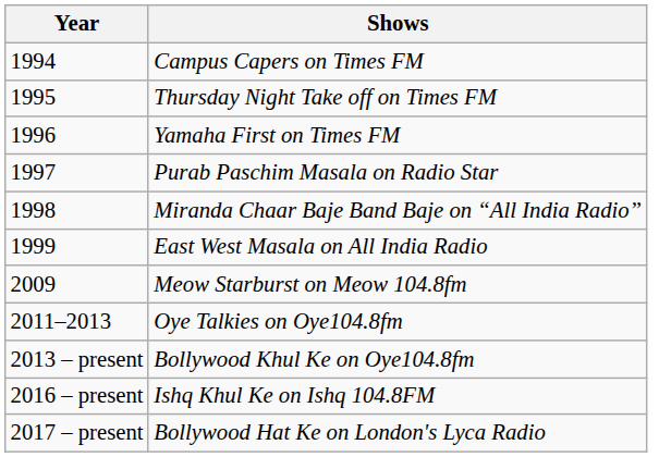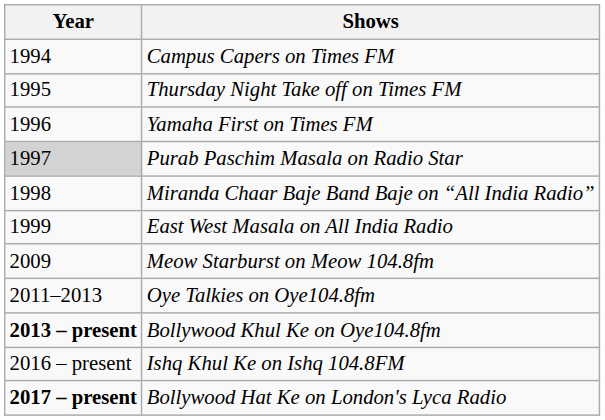 <table class="wikitable" style="font-size: 90%;">
 <tr>
 <th>Year</th>
 <th>Shows</th>
 </tr>
 <tr>
 <td>1994</td>
 <td><em>Campus Capers on Times FM</em></td>
 </tr>
 <tr>
 <td>1995</td>
 <td><em>Thursday Night Take off on Times FM</em></td>
 </tr>
 <tr>
 <td>1996</td>
 <td><em>Yamaha First on Times FM</em></td>
 </tr>
 <tr>
-<td>1997</td>
+<td style="background: lightgrey;">1997</td>
 <td><em>Purab Paschim Masala on Radio Star</em></td>
 </tr>
 <tr>
 <td>1998</td>
 <td><em>Miranda Chaar Baje Band Baje on “All India Radio”</em></td>
 </tr>
 <tr>
 <td>1999</td>
 <td><em>East West Masala on All India Radio</em></td>
 </tr>
 <tr>
 <td>2009</td>
 <td><em>Meow Starburst on Meow 104.8fm</em></td>
 </tr>
 <tr>
 <td>2011–2013</td>
 <td><em>Oye Talkies on Oye104.8fm</em></td>
 </tr>
 <tr>
-<td>2013 – present</td>
+<td><strong>2013 – present</strong></td>
 <td><em>Bollywood Khul Ke on Oye104.8fm</em></td>
 </tr>
 <tr>
 <td>2016 – present</td>
 <td><em>Ishq Khul Ke on Ishq 104.8FM</em></td>
 </tr>
 <tr>
-<td>2017 – present</td>
+<td><strong>2017 – present</strong></td>
 <td><em>Bollywood Hat Ke on London's Lyca Radio</em></td>
 </tr>
 </table>
